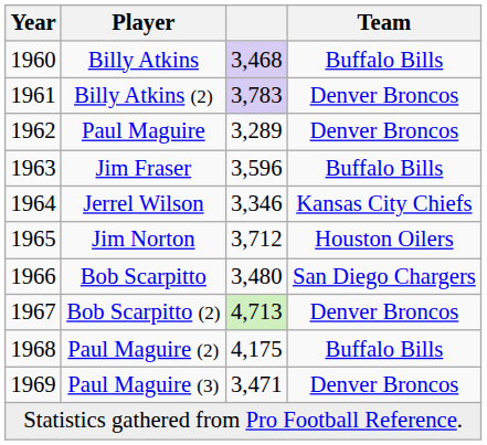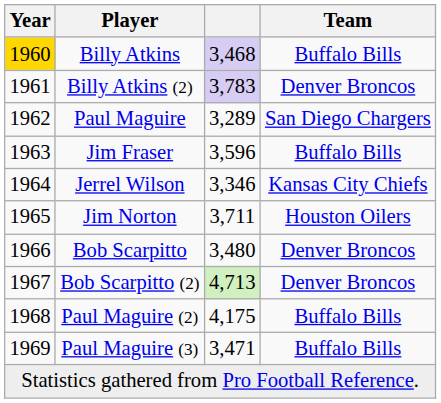 <table class="wikitable sortable" style="text-align:center;">
 <tr align="center">
 <th>Year</th>
 <th>Player</th>
 <th></th>
 <th>Team</th>
 </tr>
 <tr>
-<td>1960</td>
+<td style="background: gold;">1960</td>
 <td><a href='#'>Billy Atkins</a></td>
 <td style="background:#d7ccf3;">3,468</td>
 <td><a href='#'>Buffalo Bills</a></td>
 </tr>
 <tr>
 <td>1961</td>
 <td><a href='#'>Billy Atkins</a> <small>(2)</small></td>
 <td style="background:#d7ccf3;">3,783</td>
 <td><a href='#'>Denver Broncos</a></td>
 </tr>
 <tr>
 <td>1962</td>
 <td><a href='#'>Paul Maguire</a></td>
 <td>3,289</td>
-<td><a href='#'>Denver Broncos</a></td>
+<td><a href='#'>San Diego Chargers</a></td>
 </tr>
 <tr>
 <td>1963</td>
 <td><a href='#'>Jim Fraser</a></td>
 <td>3,596</td>
 <td><a href='#'>Buffalo Bills</a></td>
 </tr>
 <tr>
 <td>1964</td>
 <td><a href='#'>Jerrel Wilson</a></td>
 <td>3,346</td>
 <td><a href='#'>Kansas City Chiefs</a></td>
 </tr>
 <tr>
 <td>1965</td>
 <td><a href='#'>Jim Norton</a></td>
-<td>3,712</td>
+<td>3,711</td>
 <td><a href='#'>Houston Oilers</a></td>
 </tr>
 <tr>
 <td>1966</td>
 <td><a href='#'>Bob Scarpitto</a></td>
 <td>3,480</td>
-<td><a href='#'>San Diego Chargers</a></td>
+<td><a href='#'>Denver Broncos</a></td>
 </tr>
 <tr>
 <td>1967</td>
 <td><a href='#'>Bob Scarpitto</a> <small>(2)</small></td>
 <td style="background:#d0f0c0;">4,713</td>
 <td><a href='#'>Denver Broncos</a></td>
 </tr>
 <tr>
 <td>1968</td>
 <td><a href='#'>Paul Maguire</a> <small>(2)</small></td>
 <td>4,175</td>
 <td><a href='#'>Buffalo Bills</a></td>
 </tr>
 <tr>
 <td>1969</td>
 <td><a href='#'>Paul Maguire</a> <small>(3)</small></td>
 <td>3,471</td>
-<td><a href='#'>Denver Broncos</a></td>
+<td><a href='#'>Buffalo Bills</a></td>
 </tr>
 <tr class="sortbottom" style="background:#eee;">
 <td style="text-align:center;" colspan="4">Statistics gathered from <a href='#'>Pro Football Reference</a>.</td>
 </tr>
 </table>
